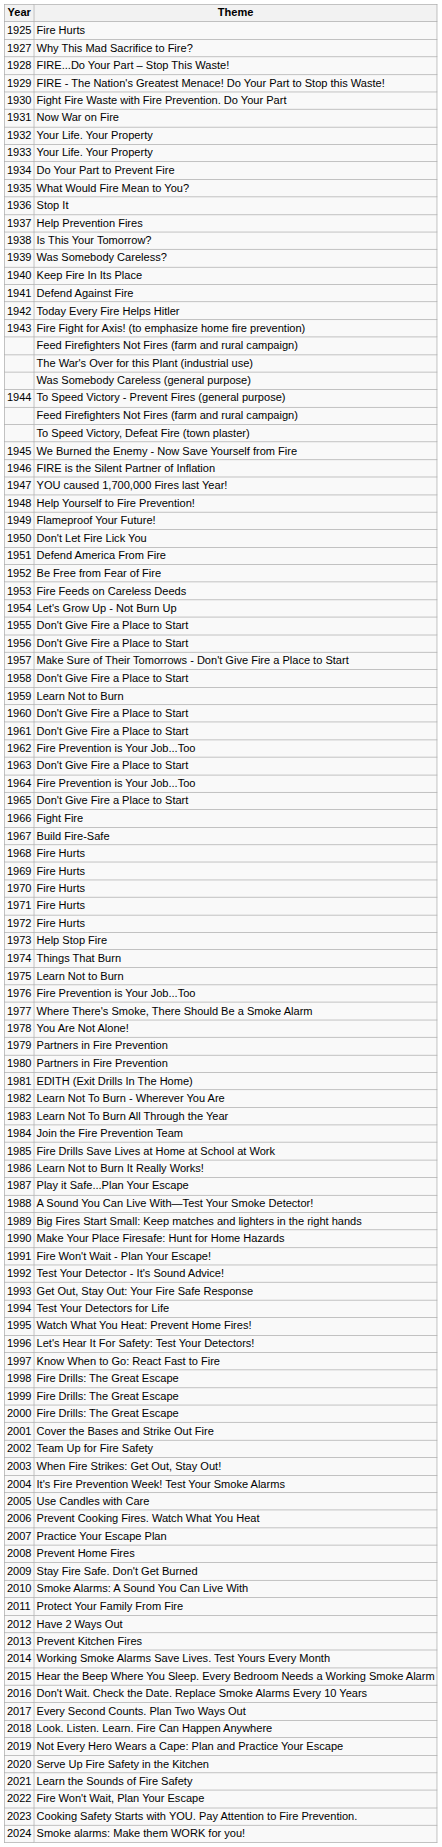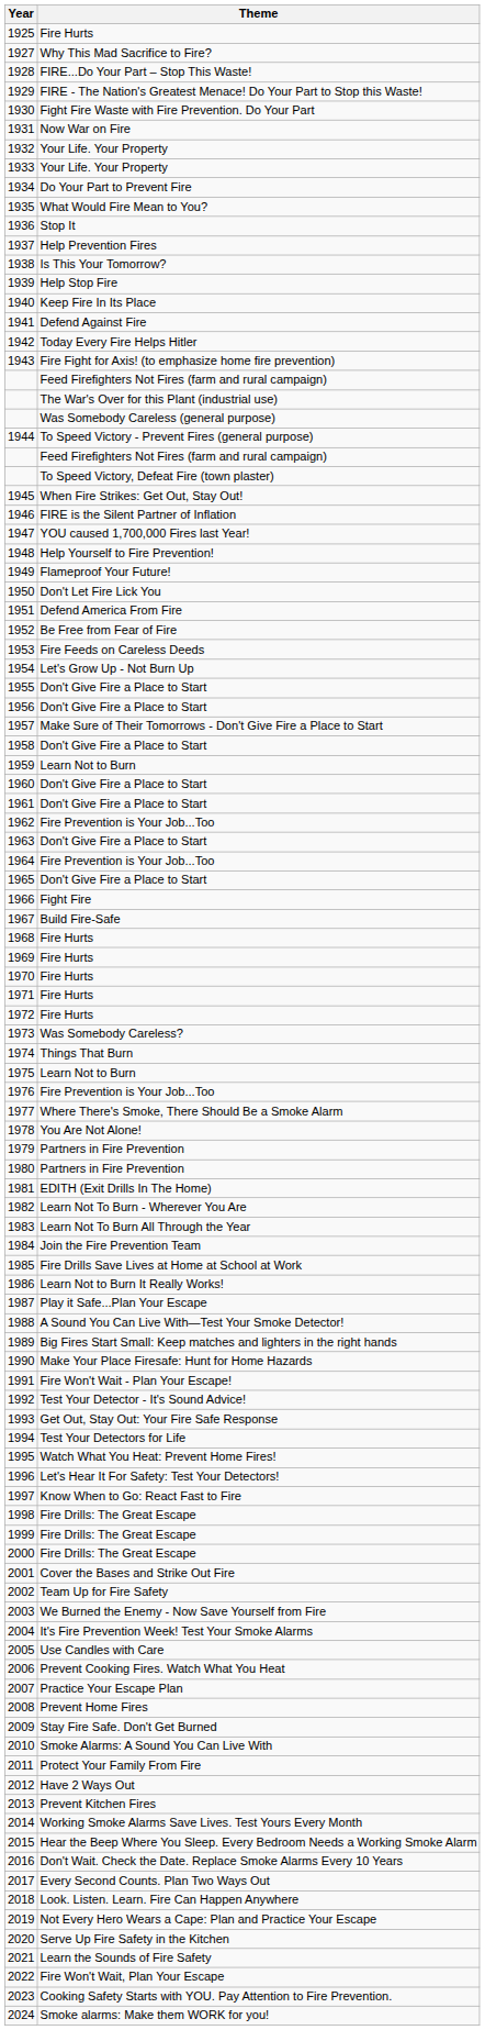 <table class="wikitable">
 <tr>
 <th>Year</th>
 <th>Theme</th>
 </tr>
 <tr>
 <td>1925</td>
 <td>Fire Hurts</td>
 </tr>
 <tr>
 <td>1927</td>
 <td>Why This Mad Sacrifice to Fire?</td>
 </tr>
 <tr>
 <td>1928</td>
 <td>FIRE...Do Your Part – Stop This Waste!</td>
 </tr>
 <tr>
 <td>1929</td>
 <td>FIRE - The Nation's Greatest Menace! Do Your Part to Stop this Waste!</td>
 </tr>
 <tr>
 <td>1930</td>
 <td>Fight Fire Waste with Fire Prevention. Do Your Part</td>
 </tr>
 <tr>
 <td>1931</td>
 <td>Now War on Fire</td>
 </tr>
 <tr>
 <td>1932</td>
 <td>Your Life. Your Property</td>
 </tr>
 <tr>
 <td>1933</td>
 <td>Your Life. Your Property</td>
 </tr>
 <tr>
 <td>1934</td>
 <td>Do Your Part to Prevent Fire</td>
 </tr>
 <tr>
 <td>1935</td>
 <td>What Would Fire Mean to You?</td>
 </tr>
 <tr>
 <td>1936</td>
 <td>Stop It</td>
 </tr>
 <tr>
 <td>1937</td>
 <td>Help Prevention Fires</td>
 </tr>
 <tr>
 <td>1938</td>
 <td>Is This Your Tomorrow?</td>
 </tr>
 <tr>
 <td>1939</td>
-<td>Was Somebody Careless?</td>
+<td>Help Stop Fire</td>
 </tr>
 <tr>
 <td>1940</td>
 <td>Keep Fire In Its Place</td>
 </tr>
 <tr>
 <td>1941</td>
 <td>Defend Against Fire</td>
 </tr>
 <tr>
 <td>1942</td>
 <td>Today Every Fire Helps Hitler</td>
 </tr>
 <tr>
 <td>1943</td>
 <td>Fire Fight for Axis! (to emphasize home fire prevention)</td>
 </tr>
 <tr>
 <td></td>
 <td>Feed Firefighters Not Fires (farm and rural campaign)</td>
 </tr>
 <tr>
 <td></td>
 <td>The War's Over for this Plant (industrial use)</td>
 </tr>
 <tr>
 <td></td>
 <td>Was Somebody Careless (general purpose)</td>
 </tr>
 <tr>
 <td>1944</td>
 <td>To Speed Victory - Prevent Fires (general purpose)</td>
 </tr>
 <tr>
 <td></td>
 <td>Feed Firefighters Not Fires (farm and rural campaign)</td>
 </tr>
 <tr>
 <td></td>
 <td>To Speed Victory, Defeat Fire (town plaster)</td>
 </tr>
 <tr>
 <td>1945</td>
-<td>We Burned the Enemy - Now Save Yourself from Fire</td>
+<td>When Fire Strikes: Get Out, Stay Out!</td>
 </tr>
 <tr>
 <td>1946</td>
 <td>FIRE is the Silent Partner of Inflation</td>
 </tr>
 <tr>
 <td>1947</td>
 <td>YOU caused 1,700,000 Fires last Year!</td>
 </tr>
 <tr>
 <td>1948</td>
 <td>Help Yourself to Fire Prevention!</td>
 </tr>
 <tr>
 <td>1949</td>
 <td>Flameproof Your Future!</td>
 </tr>
 <tr>
 <td>1950</td>
 <td>Don't Let Fire Lick You</td>
 </tr>
 <tr>
 <td>1951</td>
 <td>Defend America From Fire</td>
 </tr>
 <tr>
 <td>1952</td>
 <td>Be Free from Fear of Fire</td>
 </tr>
 <tr>
 <td>1953</td>
 <td>Fire Feeds on Careless Deeds</td>
 </tr>
 <tr>
 <td>1954</td>
 <td>Let's Grow Up - Not Burn Up</td>
 </tr>
 <tr>
 <td>1955</td>
 <td>Don't Give Fire a Place to Start</td>
 </tr>
 <tr>
 <td>1956</td>
 <td>Don't Give Fire a Place to Start</td>
 </tr>
 <tr>
 <td>1957</td>
 <td>Make Sure of Their Tomorrows - Don't Give Fire a Place to Start</td>
 </tr>
 <tr>
 <td>1958</td>
 <td>Don't Give Fire a Place to Start</td>
 </tr>
 <tr>
 <td>1959</td>
 <td>Learn Not to Burn</td>
 </tr>
 <tr>
 <td>1960</td>
 <td>Don't Give Fire a Place to Start</td>
 </tr>
 <tr>
 <td>1961</td>
 <td>Don't Give Fire a Place to Start</td>
 </tr>
 <tr>
 <td>1962</td>
 <td>Fire Prevention is Your Job...Too</td>
 </tr>
 <tr>
 <td>1963</td>
 <td>Don't Give Fire a Place to Start</td>
 </tr>
 <tr>
 <td>1964</td>
 <td>Fire Prevention is Your Job...Too</td>
 </tr>
 <tr>
 <td>1965</td>
 <td>Don't Give Fire a Place to Start</td>
 </tr>
 <tr>
 <td>1966</td>
 <td>Fight Fire</td>
 </tr>
 <tr>
 <td>1967</td>
 <td>Build Fire-Safe</td>
 </tr>
 <tr>
 <td>1968</td>
 <td>Fire Hurts</td>
 </tr>
 <tr>
 <td>1969</td>
 <td>Fire Hurts</td>
 </tr>
 <tr>
 <td>1970</td>
 <td>Fire Hurts</td>
 </tr>
 <tr>
 <td>1971</td>
 <td>Fire Hurts</td>
 </tr>
 <tr>
 <td>1972</td>
 <td>Fire Hurts</td>
 </tr>
 <tr>
 <td>1973</td>
-<td>Help Stop Fire</td>
+<td>Was Somebody Careless?</td>
 </tr>
 <tr>
 <td>1974</td>
 <td>Things That Burn</td>
 </tr>
 <tr>
 <td>1975</td>
 <td>Learn Not to Burn</td>
 </tr>
 <tr>
 <td>1976</td>
 <td>Fire Prevention is Your Job...Too</td>
 </tr>
 <tr>
 <td>1977</td>
 <td>Where There's Smoke, There Should Be a Smoke Alarm</td>
 </tr>
 <tr>
 <td>1978</td>
 <td>You Are Not Alone!</td>
 </tr>
 <tr>
 <td>1979</td>
 <td>Partners in Fire Prevention</td>
 </tr>
 <tr>
 <td>1980</td>
 <td>Partners in Fire Prevention</td>
 </tr>
 <tr>
 <td>1981</td>
 <td>EDITH (Exit Drills In The Home)</td>
 </tr>
 <tr>
 <td>1982</td>
 <td>Learn Not To Burn - Wherever You Are</td>
 </tr>
 <tr>
 <td>1983</td>
 <td>Learn Not To Burn All Through the Year</td>
 </tr>
 <tr>
 <td>1984</td>
 <td>Join the Fire Prevention Team</td>
 </tr>
 <tr>
 <td>1985</td>
 <td>Fire Drills Save Lives at Home at School at Work</td>
 </tr>
 <tr>
 <td>1986</td>
 <td>Learn Not to Burn It Really Works!</td>
 </tr>
 <tr>
 <td>1987</td>
 <td>Play it Safe...Plan Your Escape</td>
 </tr>
 <tr>
 <td>1988</td>
 <td>A Sound You Can Live With—Test Your Smoke Detector!</td>
 </tr>
 <tr>
 <td>1989</td>
 <td>Big Fires Start Small: Keep matches and lighters in the right hands</td>
 </tr>
 <tr>
 <td>1990</td>
 <td>Make Your Place Firesafe: Hunt for Home Hazards</td>
 </tr>
 <tr>
 <td>1991</td>
 <td>Fire Won't Wait - Plan Your Escape!</td>
 </tr>
 <tr>
 <td>1992</td>
 <td>Test Your Detector - It's Sound Advice!</td>
 </tr>
 <tr>
 <td>1993</td>
 <td>Get Out, Stay Out: Your Fire Safe Response</td>
 </tr>
 <tr>
 <td>1994</td>
 <td>Test Your Detectors for Life</td>
 </tr>
 <tr>
 <td>1995</td>
 <td>Watch What You Heat: Prevent Home Fires!</td>
 </tr>
 <tr>
 <td>1996</td>
 <td>Let's Hear It For Safety: Test Your Detectors!</td>
 </tr>
 <tr>
 <td>1997</td>
 <td>Know When to Go: React Fast to Fire</td>
 </tr>
 <tr>
 <td>1998</td>
 <td>Fire Drills: The Great Escape</td>
 </tr>
 <tr>
 <td>1999</td>
 <td>Fire Drills: The Great Escape</td>
 </tr>
 <tr>
 <td>2000</td>
 <td>Fire Drills: The Great Escape</td>
 </tr>
 <tr>
 <td>2001</td>
 <td>Cover the Bases and Strike Out Fire</td>
 </tr>
 <tr>
 <td>2002</td>
 <td>Team Up for Fire Safety</td>
 </tr>
 <tr>
 <td>2003</td>
-<td>When Fire Strikes: Get Out, Stay Out!</td>
+<td>We Burned the Enemy - Now Save Yourself from Fire</td>
 </tr>
 <tr>
 <td>2004</td>
 <td>It's Fire Prevention Week! Test Your Smoke Alarms</td>
 </tr>
 <tr>
 <td>2005</td>
 <td>Use Candles with Care</td>
 </tr>
 <tr>
 <td>2006</td>
 <td>Prevent Cooking Fires. Watch What You Heat</td>
 </tr>
 <tr>
 <td>2007</td>
 <td>Practice Your Escape Plan</td>
 </tr>
 <tr>
 <td>2008</td>
 <td>Prevent Home Fires</td>
 </tr>
 <tr>
 <td>2009</td>
 <td>Stay Fire Safe. Don't Get Burned</td>
 </tr>
 <tr>
 <td>2010</td>
 <td>Smoke Alarms: A Sound You Can Live With</td>
 </tr>
 <tr>
 <td>2011</td>
 <td>Protect Your Family From Fire</td>
 </tr>
 <tr>
 <td>2012</td>
 <td>Have 2 Ways Out</td>
 </tr>
 <tr>
 <td>2013</td>
 <td>Prevent Kitchen Fires</td>
 </tr>
 <tr>
 <td>2014</td>
 <td>Working Smoke Alarms Save Lives. Test Yours Every Month</td>
 </tr>
 <tr>
 <td>2015</td>
 <td>Hear the Beep Where You Sleep. Every Bedroom Needs a Working Smoke Alarm</td>
 </tr>
 <tr>
 <td>2016</td>
 <td>Don't Wait. Check the Date. Replace Smoke Alarms Every 10 Years</td>
 </tr>
 <tr>
 <td>2017</td>
 <td>Every Second Counts. Plan Two Ways Out</td>
 </tr>
 <tr>
 <td>2018</td>
 <td>Look. Listen. Learn. Fire Can Happen Anywhere</td>
 </tr>
 <tr>
 <td>2019</td>
 <td>Not Every Hero Wears a Cape: Plan and Practice Your Escape</td>
 </tr>
 <tr>
 <td>2020</td>
 <td>Serve Up Fire Safety in the Kitchen</td>
 </tr>
 <tr>
 <td>2021</td>
 <td>Learn the Sounds of Fire Safety</td>
 </tr>
 <tr>
 <td>2022</td>
 <td>Fire Won't Wait, Plan Your Escape</td>
 </tr>
 <tr>
 <td>2023</td>
 <td>Cooking Safety Starts with YOU. Pay Attention to Fire Prevention.</td>
 </tr>
 <tr>
 <td>2024</td>
 <td>Smoke alarms: Make them WORK for you!</td>
 </tr>
 </table>
